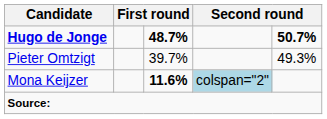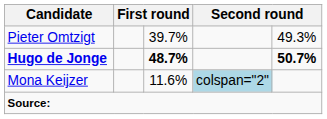 <table class="wikitable">
 <tr>
 <th style="width: 120px;">Candidate</th>
 <th colspan="2">First round</th>
 <th colspan="2">Second round</th>
+</tr>
+<tr>
+<td><a href='#'>Pieter Omtzigt</a></td>
+<td align="center"></td>
+<td align="center">39.7%</td>
+<td align="center"></td>
+<td align="center">49.3%</td>
 </tr>
 <tr>
 <td><strong><a href='#'>Hugo de Jonge</a></strong></td>
 <td align="center"></td>
 <td align="center" style="width: 50px;"><strong>48.7%</strong></td>
 <td align="center"></td>
 <td align="center" style="width: 50px;"><strong>50.7%</strong></td>
 </tr>
 <tr>
-<td><a href='#'>Pieter Omtzigt</a></td>
-<td align="center"></td>
-<td align="center">39.7%</td>
-<td align="center"></td>
-<td align="center">49.3%</td>
-</tr>
-<tr>
 <td><a href='#'>Mona Keijzer</a></td>
 <td align="center"></td>
-<td align="center"><strong>11.6%</strong></td>
+<td align="center">11.6%</td>
 <td style="background: lightblue;">colspan="2" </td>
 </tr>
 <tr>
 <td colspan="5"><small><strong>Source:</strong> </small></td>
 </tr>
 </table>
